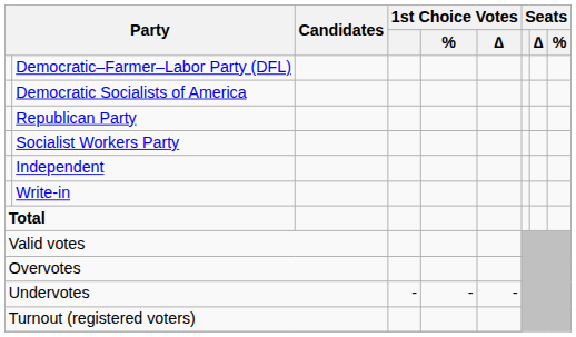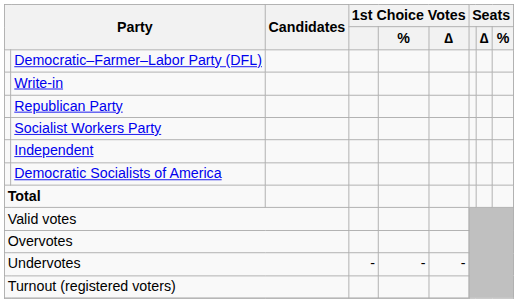 <table class="wikitable mw-collapsible mw-collapsed">
 <tr>
 <th rowspan="2" colspan="2">Party</th>
 <th rowspan="2">Candidates</th>
 <th colspan="3">1st Choice Votes</th>
 <th colspan="3">Seats</th>
 </tr>
 <tr>
 <th></th>
 <th>%</th>
 <th>∆</th>
 <th></th>
 <th>∆</th>
 <th>%</th>
 </tr>
 <tr>
 <td style="background-color:"></td>
 <td><a href='#'>Democratic–Farmer–Labor Party (DFL)</a></td>
 <td align="right"></td>
 <td align="right"></td>
 <td align="right"></td>
 <td align="right"></td>
 <td align="right"></td>
 <td align="right"></td>
 <td align="right"></td>
 </tr>
 <tr>
 <td style="background-color:"></td>
-<td><a href='#'>Democratic Socialists of America</a></td>
+<td><a href='#'>Write-in</a></td>
 <td align="right"></td>
 <td align="right"></td>
 <td align="right"></td>
 <td align="right"></td>
 <td align="right"></td>
 <td align="right"></td>
 <td align="right"></td>
 </tr>
 <tr>
 <td style="background-color:"></td>
 <td><a href='#'>Republican Party</a></td>
 <td align="right"></td>
 <td align="right"></td>
 <td align="right"></td>
 <td align="right"></td>
 <td align="right"></td>
 <td align="right"></td>
 <td align="right"></td>
 </tr>
 <tr>
 <td style="background-color:"></td>
 <td><a href='#'>Socialist Workers Party</a></td>
 <td align="right"></td>
 <td align="right"></td>
 <td align="right"></td>
 <td align="right"></td>
 <td align="right"></td>
 <td align="right"></td>
 <td align="right"></td>
 </tr>
 <tr>
 <td style="background-color:"></td>
 <td><a href='#'>Independent</a></td>
 <td align="right"></td>
 <td align="right"></td>
 <td align="right"></td>
 <td align="right"></td>
 <td align="right"></td>
 <td align="right"></td>
 <td align="right"></td>
 </tr>
 <tr>
 <td style="background-color:"></td>
-<td><a href='#'>Write-in</a></td>
+<td><a href='#'>Democratic Socialists of America</a></td>
 <td align="right"></td>
 <td align="right"></td>
 <td align="right"></td>
 <td align="right"></td>
 <td align="right"></td>
 <td align="right"></td>
 <td align="right"></td>
 </tr>
 <tr>
 <td colspan="2" align="left"><strong>Total</strong></td>
 <td align="right"></td>
 <td align="right"></td>
 <td align="right"></td>
 <td align="right"></td>
 <td align="right"></td>
 <td align="right"></td>
 <td align="right"></td>
 </tr>
 <tr>
 <td colspan="3" align="left">Valid votes</td>
 <td colspan="1" align="right"></td>
 <td colspan="1" align="right"></td>
 <td colspan="1" align="right"></td>
 <td colspan="3" rowspan="5" style="background:silver;"></td>
 </tr>
 <tr>
 <td colspan="3" align="left">Overvotes</td>
 <td colspan="1" align="right"></td>
 <td colspan="1" align="right"></td>
 <td colspan="1" align="right"></td>
 </tr>
 <tr>
 <td colspan="3" align="left">Undervotes</td>
 <td colspan="1" align="right">-</td>
 <td colspan="1" align="right">-</td>
 <td colspan="1" align="right">-</td>
 </tr>
 <tr>
 <td colspan="3" align="left">Turnout (registered voters)</td>
 <td colspan="1" align="right"></td>
 <td colspan="1" align="right"></td>
 <td colspan="1" align="right"></td>
 </tr>
 <tr>
 </tr>
 </table>
